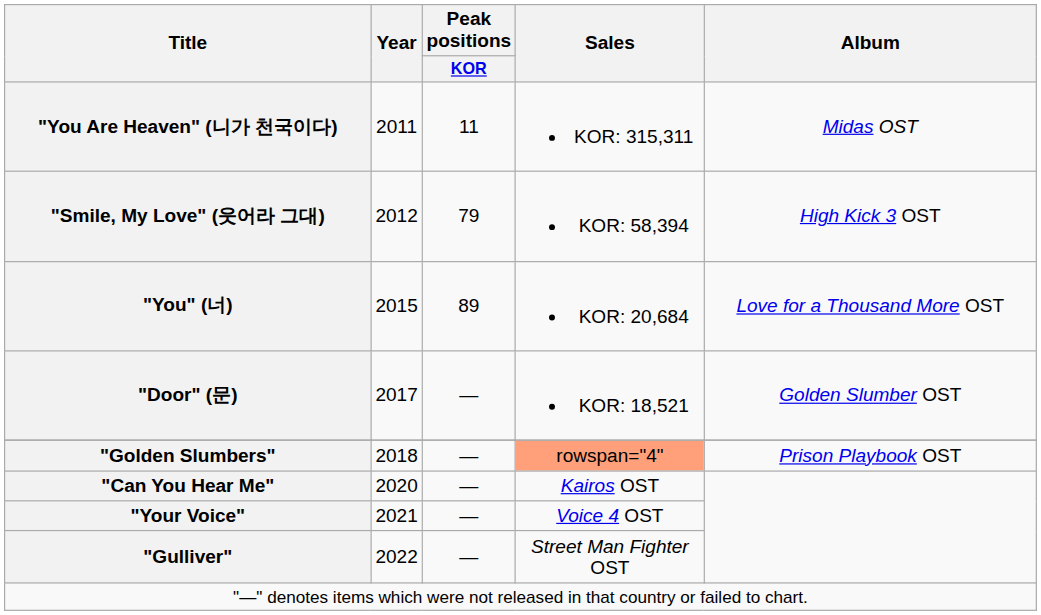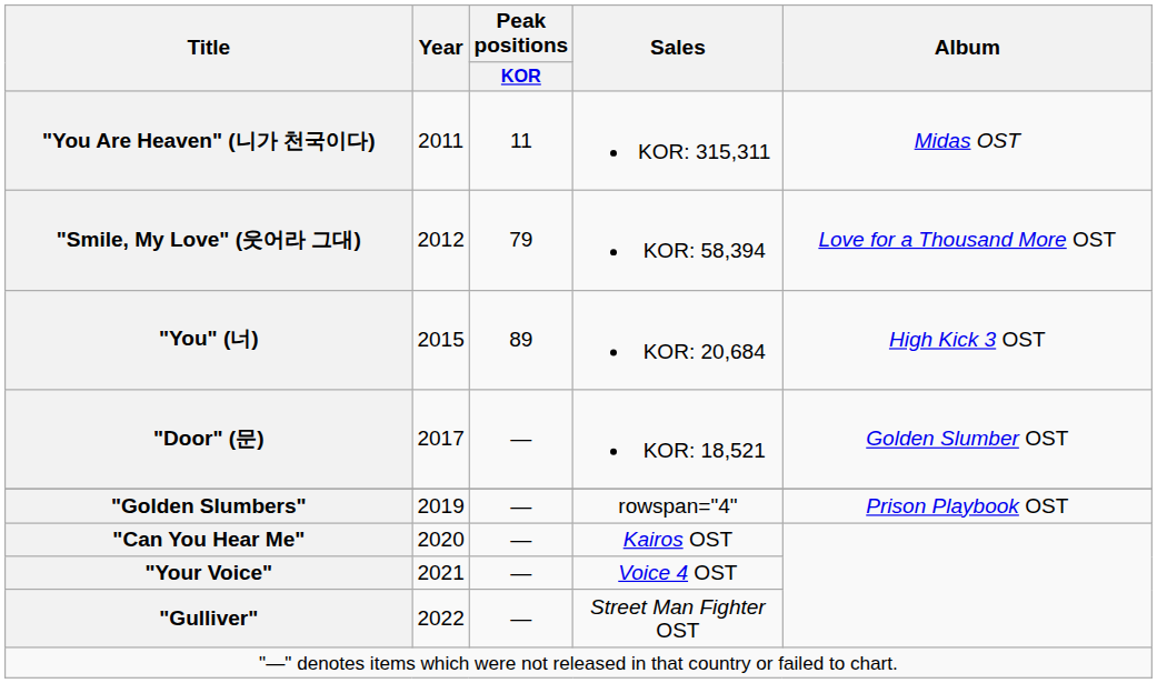 <table class="wikitable plainrowheaders" style="text-align:center;">
 <tr>
 <th rowspan="2" style="width:21em;">Title</th>
 <th rowspan="2">Year</th>
 <th colspan="1">Peak positions</th>
 <th rowspan="2" style="width:10em;">Sales</th>
 <th rowspan="2" style="width:19em;">Album</th>
 </tr>
 <tr>
 <th style="width:3em; font-size:85%;"><a href='#'>KOR</a><br></th>
 </tr>
 <tr>
 <th scope="row">"You Are Heaven" (니가 천국이다)</th>
 <td>2011</td>
 <td>11</td>
 <td><br><ul><li>KOR: 315,311</li></ul></td>
 <td><em><a href='#'>Midas</a> OST</em></td>
 </tr>
 <tr>
 <th scope="row">"Smile, My Love" (웃어라 그대) </th>
 <td>2012</td>
 <td>79</td>
 <td><br><ul><li>KOR: 58,394</li></ul></td>
-<td><em><a href='#'>High Kick 3</a></em> OST</td>
+<td><em><a href='#'>Love for a Thousand More</a></em> OST</td>
 </tr>
 <tr>
 <th scope="row">"You" (너)</th>
 <td>2015</td>
 <td>89</td>
 <td><br><ul><li>KOR: 20,684</li></ul></td>
-<td><em><a href='#'>Love for a Thousand More</a></em> OST</td>
+<td><em><a href='#'>High Kick 3</a></em> OST</td>
 </tr>
 <tr>
 <th scope="row">"Door" (문) </th>
 <td>2017</td>
 <td>—</td>
 <td><br><ul><li>KOR: 18,521</li></ul></td>
 <td><em><a href='#'>Golden Slumber</a></em> OST</td>
 </tr>
 <tr>
 </tr>
 <tr>
 <th scope="row">"Golden Slumbers"</th>
-<td>2018</td>
+<td>2019</td>
 <td>—</td>
-<td style="background: lightsalmon;">rowspan="4" </td>
+<td>rowspan="4" </td>
 <td><em><a href='#'>Prison Playbook</a></em> OST</td>
 </tr>
 <tr>
 <th scope="row">"Can You Hear Me"</th>
 <td>2020</td>
 <td>—</td>
 <td><em><a href='#'>Kairos</a></em> OST</td>
 </tr>
 <tr>
 <th scope="row">"Your Voice"</th>
 <td>2021</td>
 <td>—</td>
 <td><em><a href='#'>Voice 4</a></em> OST</td>
 </tr>
 <tr>
 <th scope="row">"Gulliver"</th>
 <td>2022</td>
 <td>—</td>
 <td><em>Street Man Fighter</em> OST</td>
 </tr>
 <tr>
 <td colspan="5" style="font-size:90%">"—" denotes items which were not released in that country or failed to chart.</td>
 </tr>
 </table>
